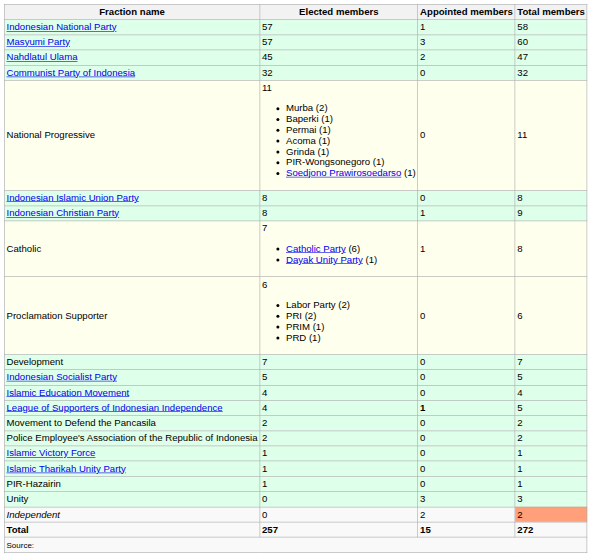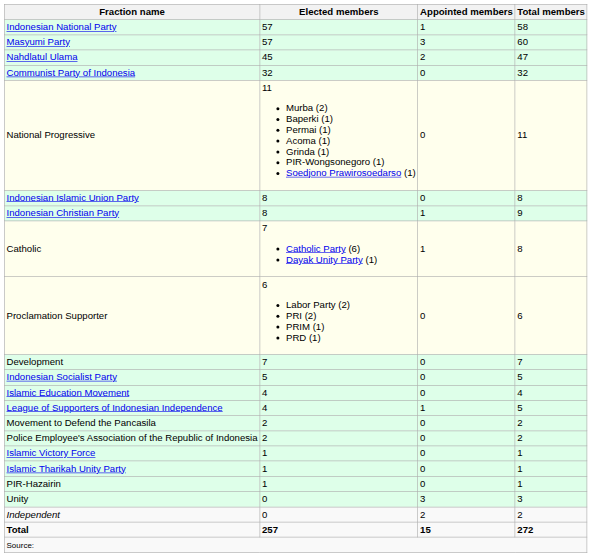 <table class="wikitable sortable">
 <tr>
 <th>Fraction name</th>
 <th>Elected members</th>
 <th>Appointed members</th>
 <th>Total members</th>
 </tr>
 <tr>
 <td style="background-color:#DEFFE9"><a href='#'>Indonesian National Party</a></td>
 <td style="background-color:#DEFFE9">57</td>
 <td style="background-color:#DEFFE9">1</td>
 <td style="background-color:#DEFFE9">58</td>
 </tr>
 <tr>
 <td style="background-color:#DEFFE9"><a href='#'>Masyumi Party</a></td>
 <td style="background-color:#DEFFE9">57</td>
 <td style="background-color:#DEFFE9">3</td>
 <td style="background-color:#DEFFE9">60</td>
 </tr>
 <tr>
 <td style="background-color:#DEFFE9"><a href='#'>Nahdlatul Ulama</a></td>
 <td style="background-color:#DEFFE9">45</td>
 <td style="background-color:#DEFFE9">2</td>
 <td style="background-color:#DEFFE9">47</td>
 </tr>
 <tr>
 <td style="background-color:#DEFFE9"><a href='#'>Communist Party of Indonesia</a></td>
 <td style="background-color:#DEFFE9">32</td>
 <td style="background-color:#DEFFE9">0</td>
 <td style="background-color:#DEFFE9">32</td>
 </tr>
 <tr>
 <td style="background-color:#ffffed">National Progressive</td>
 <td style="background-color:#ffffed">11<br><ul><li>Murba (2)</li><li>Baperki (1)</li><li>Permai (1)</li><li>Acoma (1)</li><li>Grinda (1)</li><li>PIR-Wongsonegoro (1)</li><li><a href='#'>Soedjono Prawirosoedarso</a> (1)</li></ul></td>
 <td style="background-color:#ffffed">0</td>
 <td style="background-color:#ffffed">11</td>
 </tr>
 <tr>
 <td style="background-color:#DEFFE9"><a href='#'>Indonesian Islamic Union Party</a></td>
 <td style="background-color:#DEFFE9">8</td>
 <td style="background-color:#DEFFE9">0</td>
 <td style="background-color:#DEFFE9">8</td>
 </tr>
 <tr>
 <td style="background-color:#DEFFE9"><a href='#'>Indonesian Christian Party</a></td>
 <td style="background-color:#DEFFE9">8</td>
 <td style="background-color:#DEFFE9">1</td>
 <td style="background-color:#DEFFE9">9</td>
 </tr>
 <tr>
 <td style="background-color:#ffffed">Catholic</td>
 <td style="background-color:#ffffed">7<br><ul><li><a href='#'>Catholic Party</a> (6)</li><li><a href='#'>Dayak Unity Party</a> (1)</li></ul></td>
 <td style="background-color:#ffffed">1</td>
 <td style="background-color:#ffffed">8</td>
 </tr>
 <tr>
 <td style="background-color:#ffffed">Proclamation Supporter</td>
 <td style="background-color:#ffffed">6<br><ul><li>Labor Party (2)</li><li>PRI (2)</li><li>PRIM (1)</li><li>PRD (1)</li></ul></td>
 <td style="background-color:#ffffed">0</td>
 <td style="background-color:#ffffed">6</td>
 </tr>
 <tr>
 <td style="background-color:#DEFFE9">Development</td>
 <td style="background-color:#DEFFE9">7</td>
 <td style="background-color:#DEFFE9">0</td>
 <td style="background-color:#DEFFE9">7</td>
 </tr>
 <tr>
 <td style="background-color:#DEFFE9"><a href='#'>Indonesian Socialist Party</a></td>
 <td style="background-color:#DEFFE9">5</td>
 <td style="background-color:#DEFFE9">0</td>
 <td style="background-color:#DEFFE9">5</td>
 </tr>
 <tr>
 <td style="background-color:#DEFFE9"><a href='#'>Islamic Education Movement</a></td>
 <td style="background-color:#DEFFE9">4</td>
 <td style="background-color:#DEFFE9">0</td>
 <td style="background-color:#DEFFE9">4</td>
 </tr>
 <tr>
 <td style="background-color:#DEFFE9"><a href='#'>League of Supporters of Indonesian Independence</a></td>
 <td style="background-color:#DEFFE9">4</td>
-<td style="background-color:#DEFFE9"><strong>1</strong></td>
+<td style="background-color:#DEFFE9">1</td>
 <td style="background-color:#DEFFE9">5</td>
 </tr>
 <tr>
 <td style="background-color:#DEFFE9">Movement to Defend the Pancasila</td>
 <td style="background-color:#DEFFE9">2</td>
 <td style="background-color:#DEFFE9">0</td>
 <td style="background-color:#DEFFE9">2</td>
 </tr>
 <tr>
 <td style="background-color:#DEFFE9">Police Employee's Association of the Republic of Indonesia</td>
 <td style="background-color:#DEFFE9">2</td>
 <td style="background-color:#DEFFE9">0</td>
 <td style="background-color:#DEFFE9">2</td>
 </tr>
 <tr>
 <td style="background-color:#DEFFE9"><a href='#'>Islamic Victory Force</a></td>
 <td style="background-color:#DEFFE9">1</td>
 <td style="background-color:#DEFFE9">0</td>
 <td style="background-color:#DEFFE9">1</td>
 </tr>
 <tr>
 <td style="background-color:#DEFFE9"><a href='#'>Islamic Tharikah Unity Party</a></td>
 <td style="background-color:#DEFFE9">1</td>
 <td style="background-color:#DEFFE9">0</td>
 <td style="background-color:#DEFFE9">1</td>
 </tr>
 <tr>
 <td style="background-color:#DEFFE9">PIR-Hazairin</td>
 <td style="background-color:#DEFFE9">1</td>
 <td style="background-color:#DEFFE9">0</td>
 <td style="background-color:#DEFFE9">1</td>
 </tr>
 <tr>
 <td style="background-color:#DEFFE9">Unity</td>
 <td style="background-color:#DEFFE9">0</td>
 <td style="background-color:#DEFFE9">3</td>
 <td style="background-color:#DEFFE9">3</td>
 </tr>
 <tr>
 <td><em>Independent</em></td>
 <td>0</td>
 <td>2</td>
-<td style="background: lightsalmon;">2</td>
+<td>2</td>
 </tr>
 <tr>
 <td><strong>Total</strong></td>
 <td><strong>257</strong></td>
 <td><strong>15</strong></td>
 <td><strong>272</strong></td>
 </tr>
 <tr>
 <td colspan="4"><small>Source:</small></td>
 </tr>
 </table>
